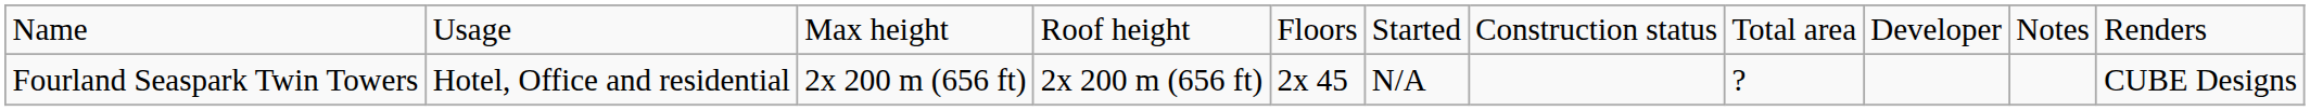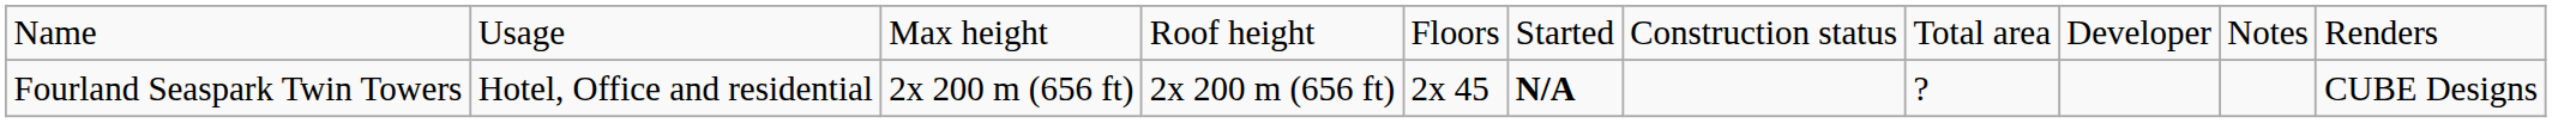 <table class="wikitable sortable">
 <tr>
 <td>Name</td>
 <td>Usage</td>
 <td>Max height</td>
 <td>Roof height</td>
 <td>Floors</td>
 <td>Started</td>
 <td>Construction status</td>
 <td>Total area</td>
 <td>Developer</td>
 <td>Notes</td>
 <td>Renders</td>
 </tr>
 <tr>
 <td>Fourland Seaspark Twin Towers</td>
 <td>Hotel, Office and residential</td>
 <td>2x 200 m (656 ft)</td>
 <td>2x 200 m (656 ft)</td>
 <td>2x 45</td>
-<td>N/A</td>
+<td><strong>N/A</strong></td>
 <td></td>
 <td>?</td>
 <td></td>
 <td></td>
 <td>CUBE Designs</td>
 </tr>
 </table>
